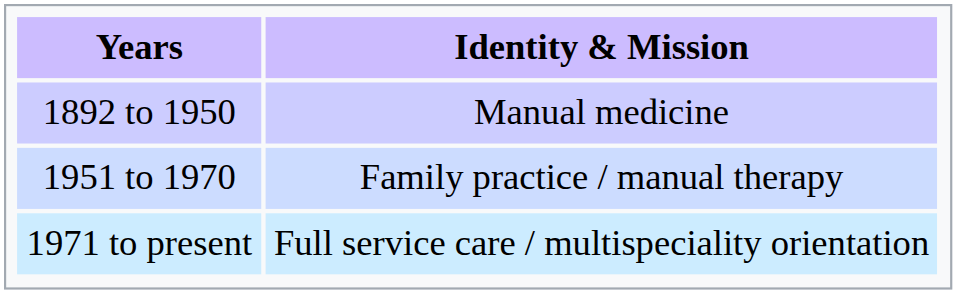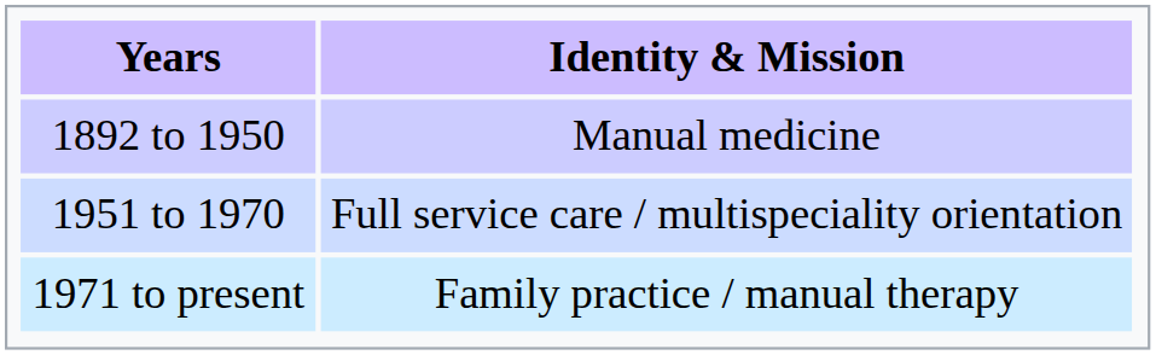 <table class="floatright" cellpadding="4" style="font-size:105%; background-color: #f8f9fa; padding: 0.2em; border: 1px solid #a2a9b1;">
 <tr style="text-align:center; background:#ccbcff;">
 <td><strong>Years</strong></td>
 <td colspan="2"><strong>Identity & Mission</strong></td>
 </tr>
 <tr style="text-align:center; background:#ccf;">
 <td>1892 to 1950</td>
 <td>Manual medicine</td>
 </tr>
 <tr style="text-align:center; background:#ccdcff;">
 <td>1951 to 1970</td>
-<td>Family practice / manual therapy</td>
+<td>Full service care / multispeciality orientation</td>
 </tr>
 <tr style="text-align:center; background:#ccecff;">
 <td>1971 to present</td>
-<td>Full service care / multispeciality orientation</td>
+<td>Family practice / manual therapy</td>
 </tr>
 </table>
